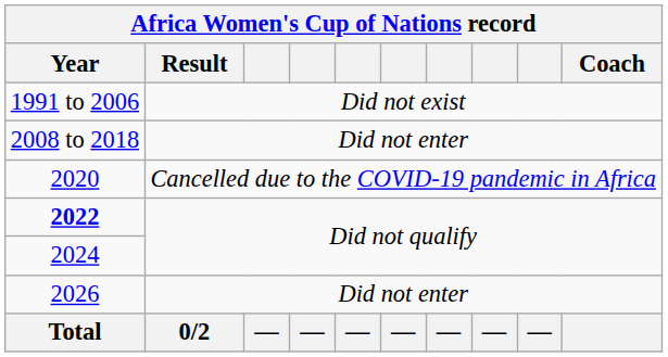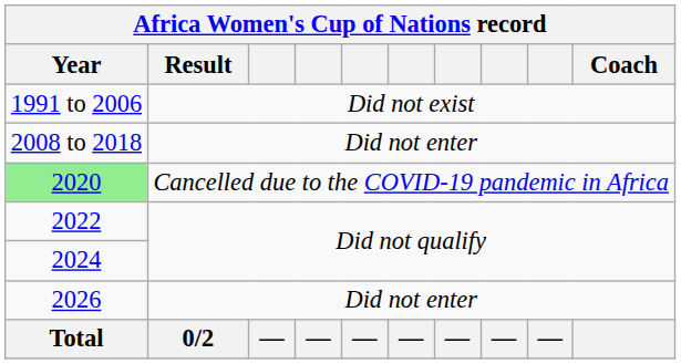 <table class="wikitable"  style="text-align:center;">
 <tr>
 <th colspan=10><a href='#'>Africa Women's Cup of Nations</a> record</th>
 </tr>
 <tr>
 <th>Year</th>
 <th>Result</th>
 <th></th>
 <th></th>
 <th></th>
 <th></th>
 <th></th>
 <th></th>
 <th></th>
 <th>Coach</th>
 </tr>
 <tr>
 <td> <a href='#'>1991</a> to  <a href='#'>2006</a></td>
 <td colspan=9><em>Did not exist</em></td>
 </tr>
 <tr>
 <td> <a href='#'>2008</a> to  <a href='#'>2018</a></td>
 <td colspan=9><em>Did not enter</em></td>
 </tr>
 <tr>
-<td><a href='#'>2020</a></td>
+<td style="background: lightgreen;"><a href='#'>2020</a></td>
 <td colspan=9><em> Cancelled due to the <a href='#'>COVID-19 pandemic in Africa</a></em></td>
 </tr>
 <tr>
-<td><strong> <a href='#'>2022</a></strong></td>
+<td> <a href='#'>2022</a></td>
 <td colspan=9 rowspan=2><em>Did not qualify</em></td>
 </tr>
 <tr>
 <td> <a href='#'>2024</a></td>
 </tr>
 <tr>
 <td> <a href='#'>2026</a></td>
 <td colspan=9><em>Did not enter</em></td>
 </tr>
 <tr>
 <th>Total</th>
 <th>0/2</th>
 <th>—</th>
 <th>—</th>
 <th>—</th>
 <th>—</th>
 <th>—</th>
 <th>—</th>
 <th>—</th>
 <th></th>
 </tr>
 </table>
